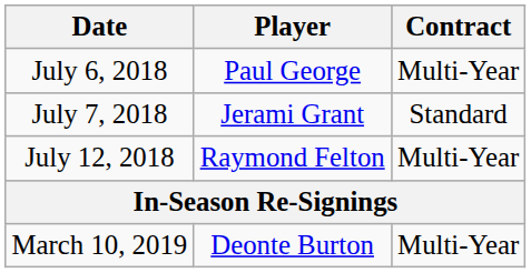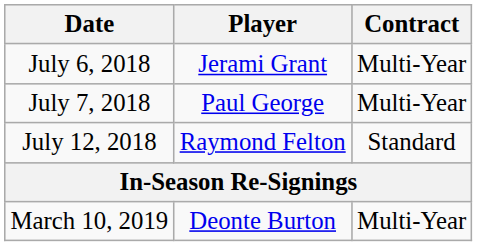 <table class="wikitable" style="text-align: center">
 <tr>
 <th>Date</th>
 <th>Player</th>
 <th>Contract</th>
 </tr>
 <tr style="text-align: center">
 <td>July 6, 2018</td>
+<td><a href='#'>Jerami Grant</a></td>
+<td>Multi-Year</td>
+</tr>
+<tr style="text-align: center">
+<td>July 7, 2018</td>
 <td><a href='#'>Paul George</a></td>
 <td>Multi-Year</td>
 </tr>
 <tr style="text-align: center">
-<td>July 7, 2018</td>
-<td><a href='#'>Jerami Grant</a></td>
-<td>Standard</td>
-</tr>
-<tr style="text-align: center">
 <td>July 12, 2018</td>
 <td><a href='#'>Raymond Felton</a></td>
-<td>Multi-Year</td>
+<td>Standard</td>
 </tr>
 <tr>
 <th scope="row" colspan="6" style="text-align:center;”">In-Season Re-Signings</th>
 </tr>
 <tr style="text-align: center">
 <td>March 10, 2019</td>
 <td><a href='#'>Deonte Burton</a></td>
 <td>Multi-Year</td>
 </tr>
 </table>
